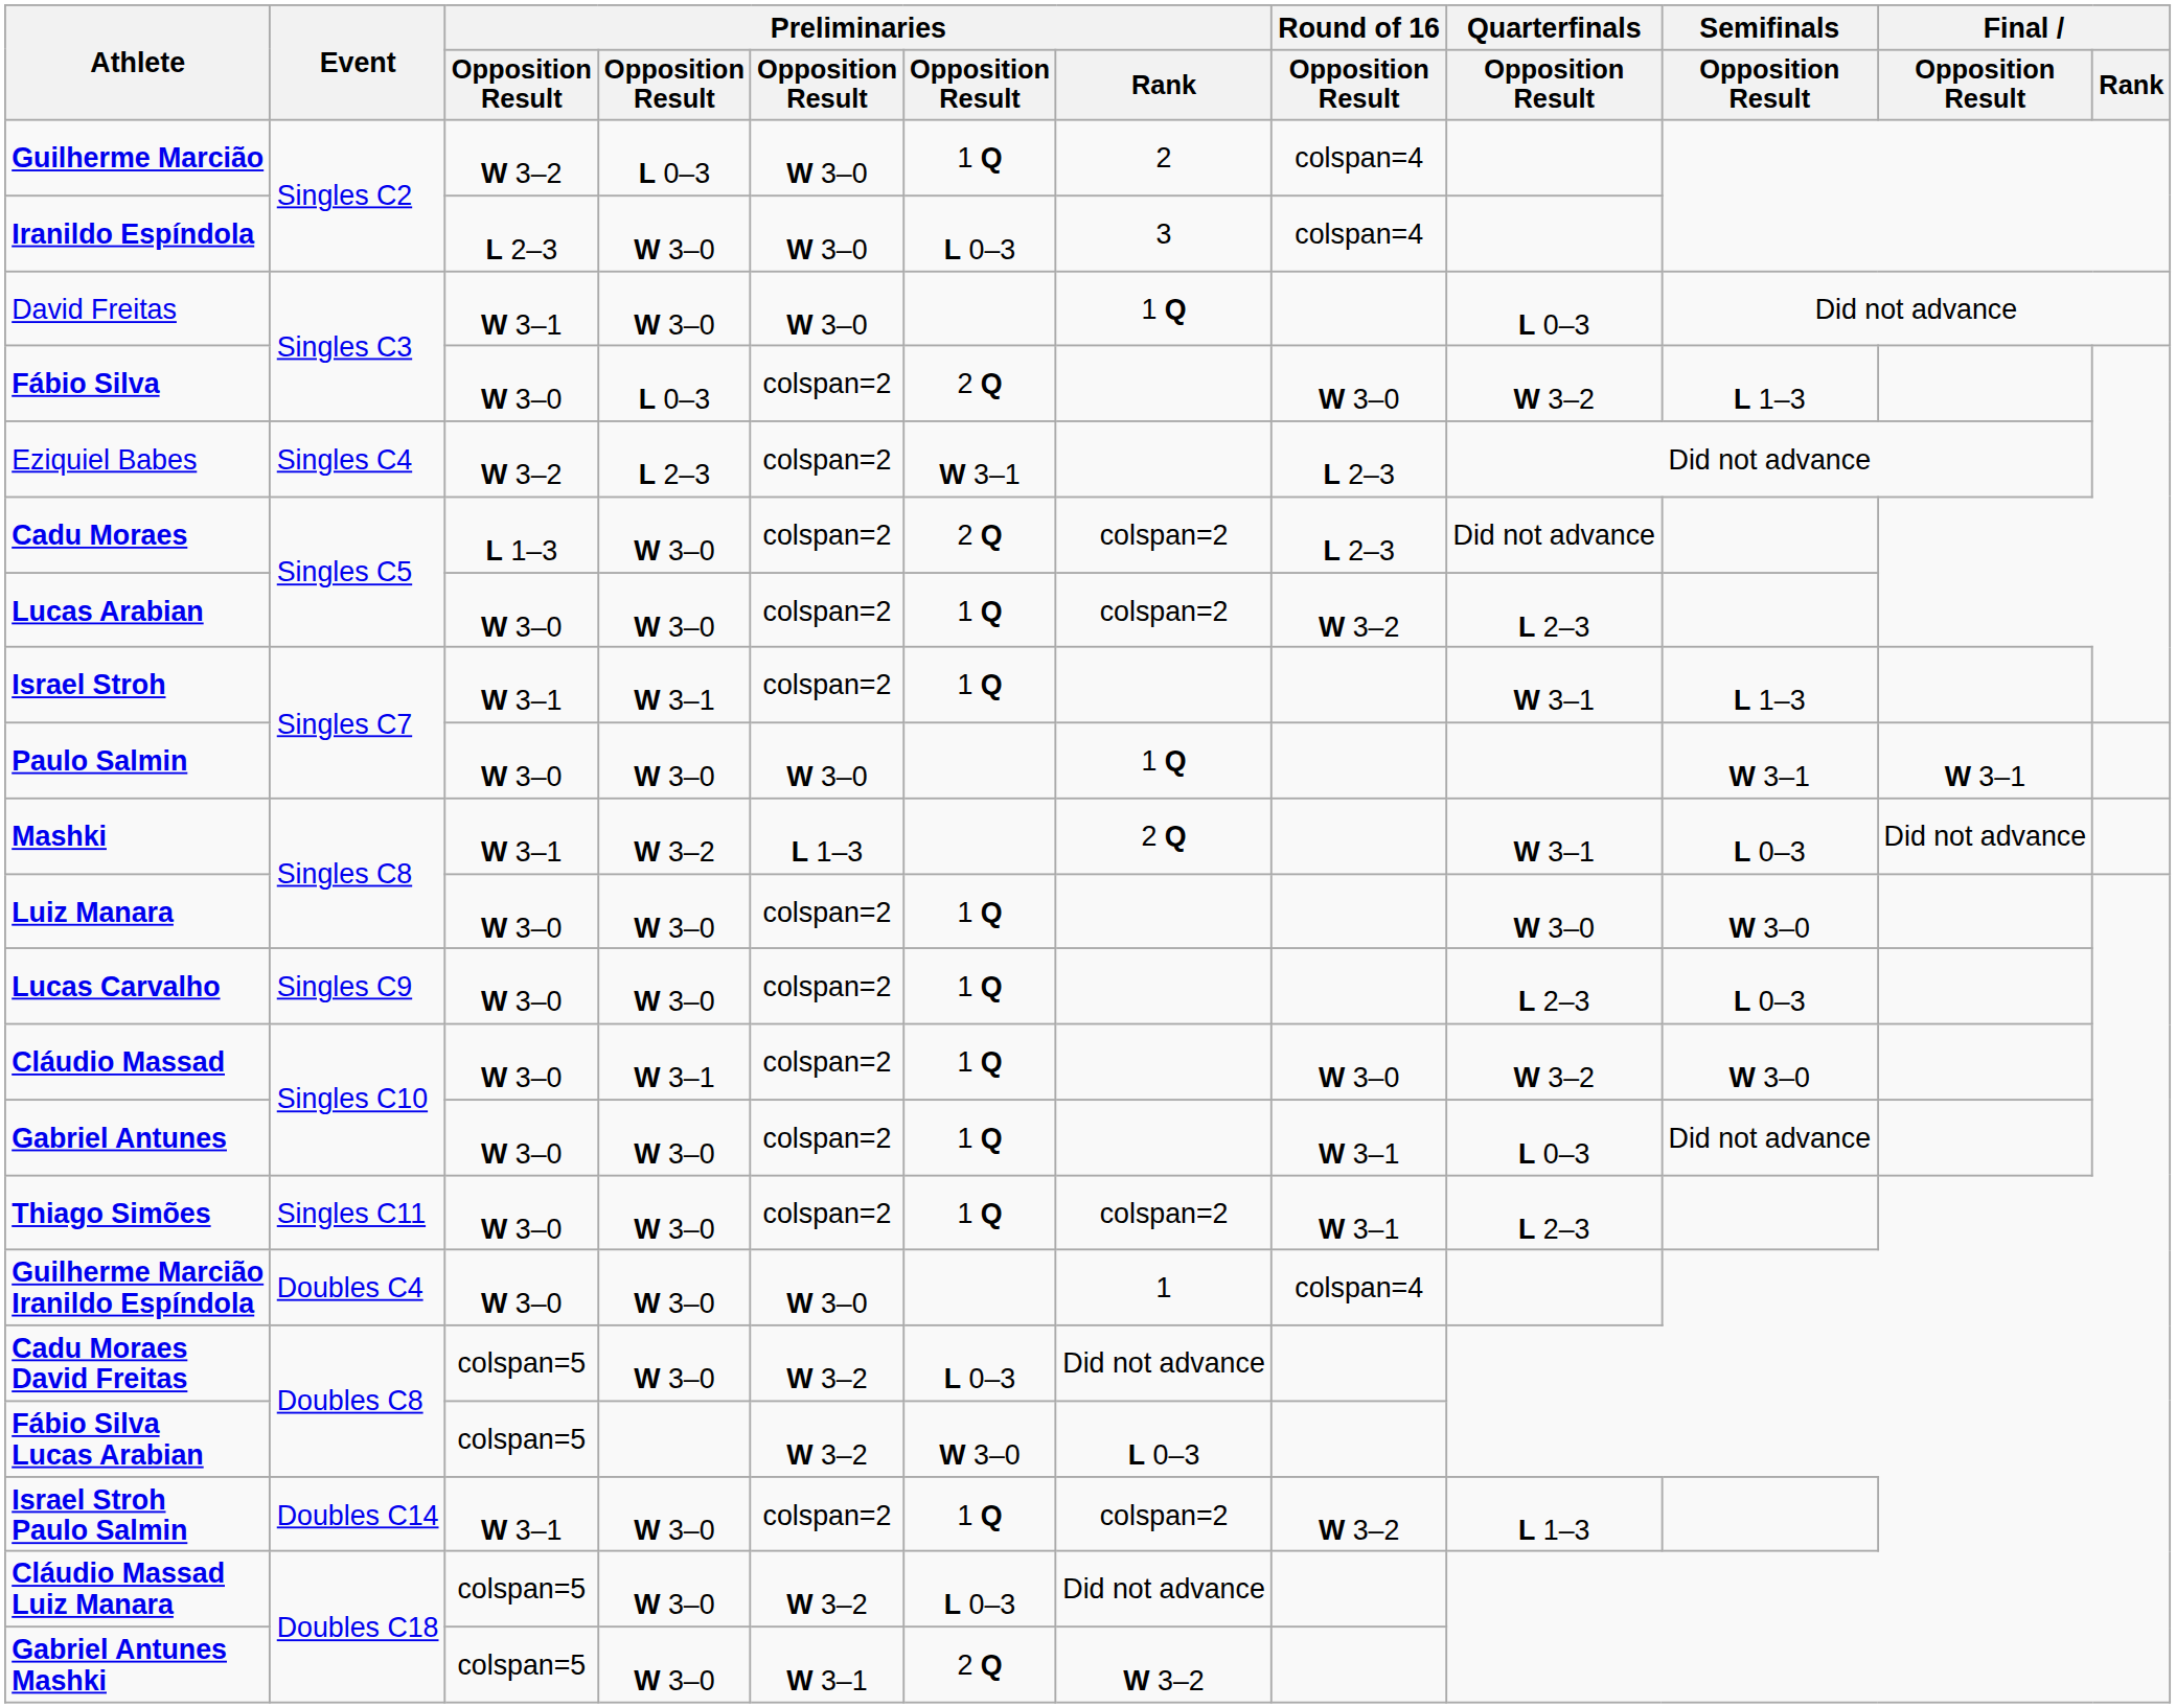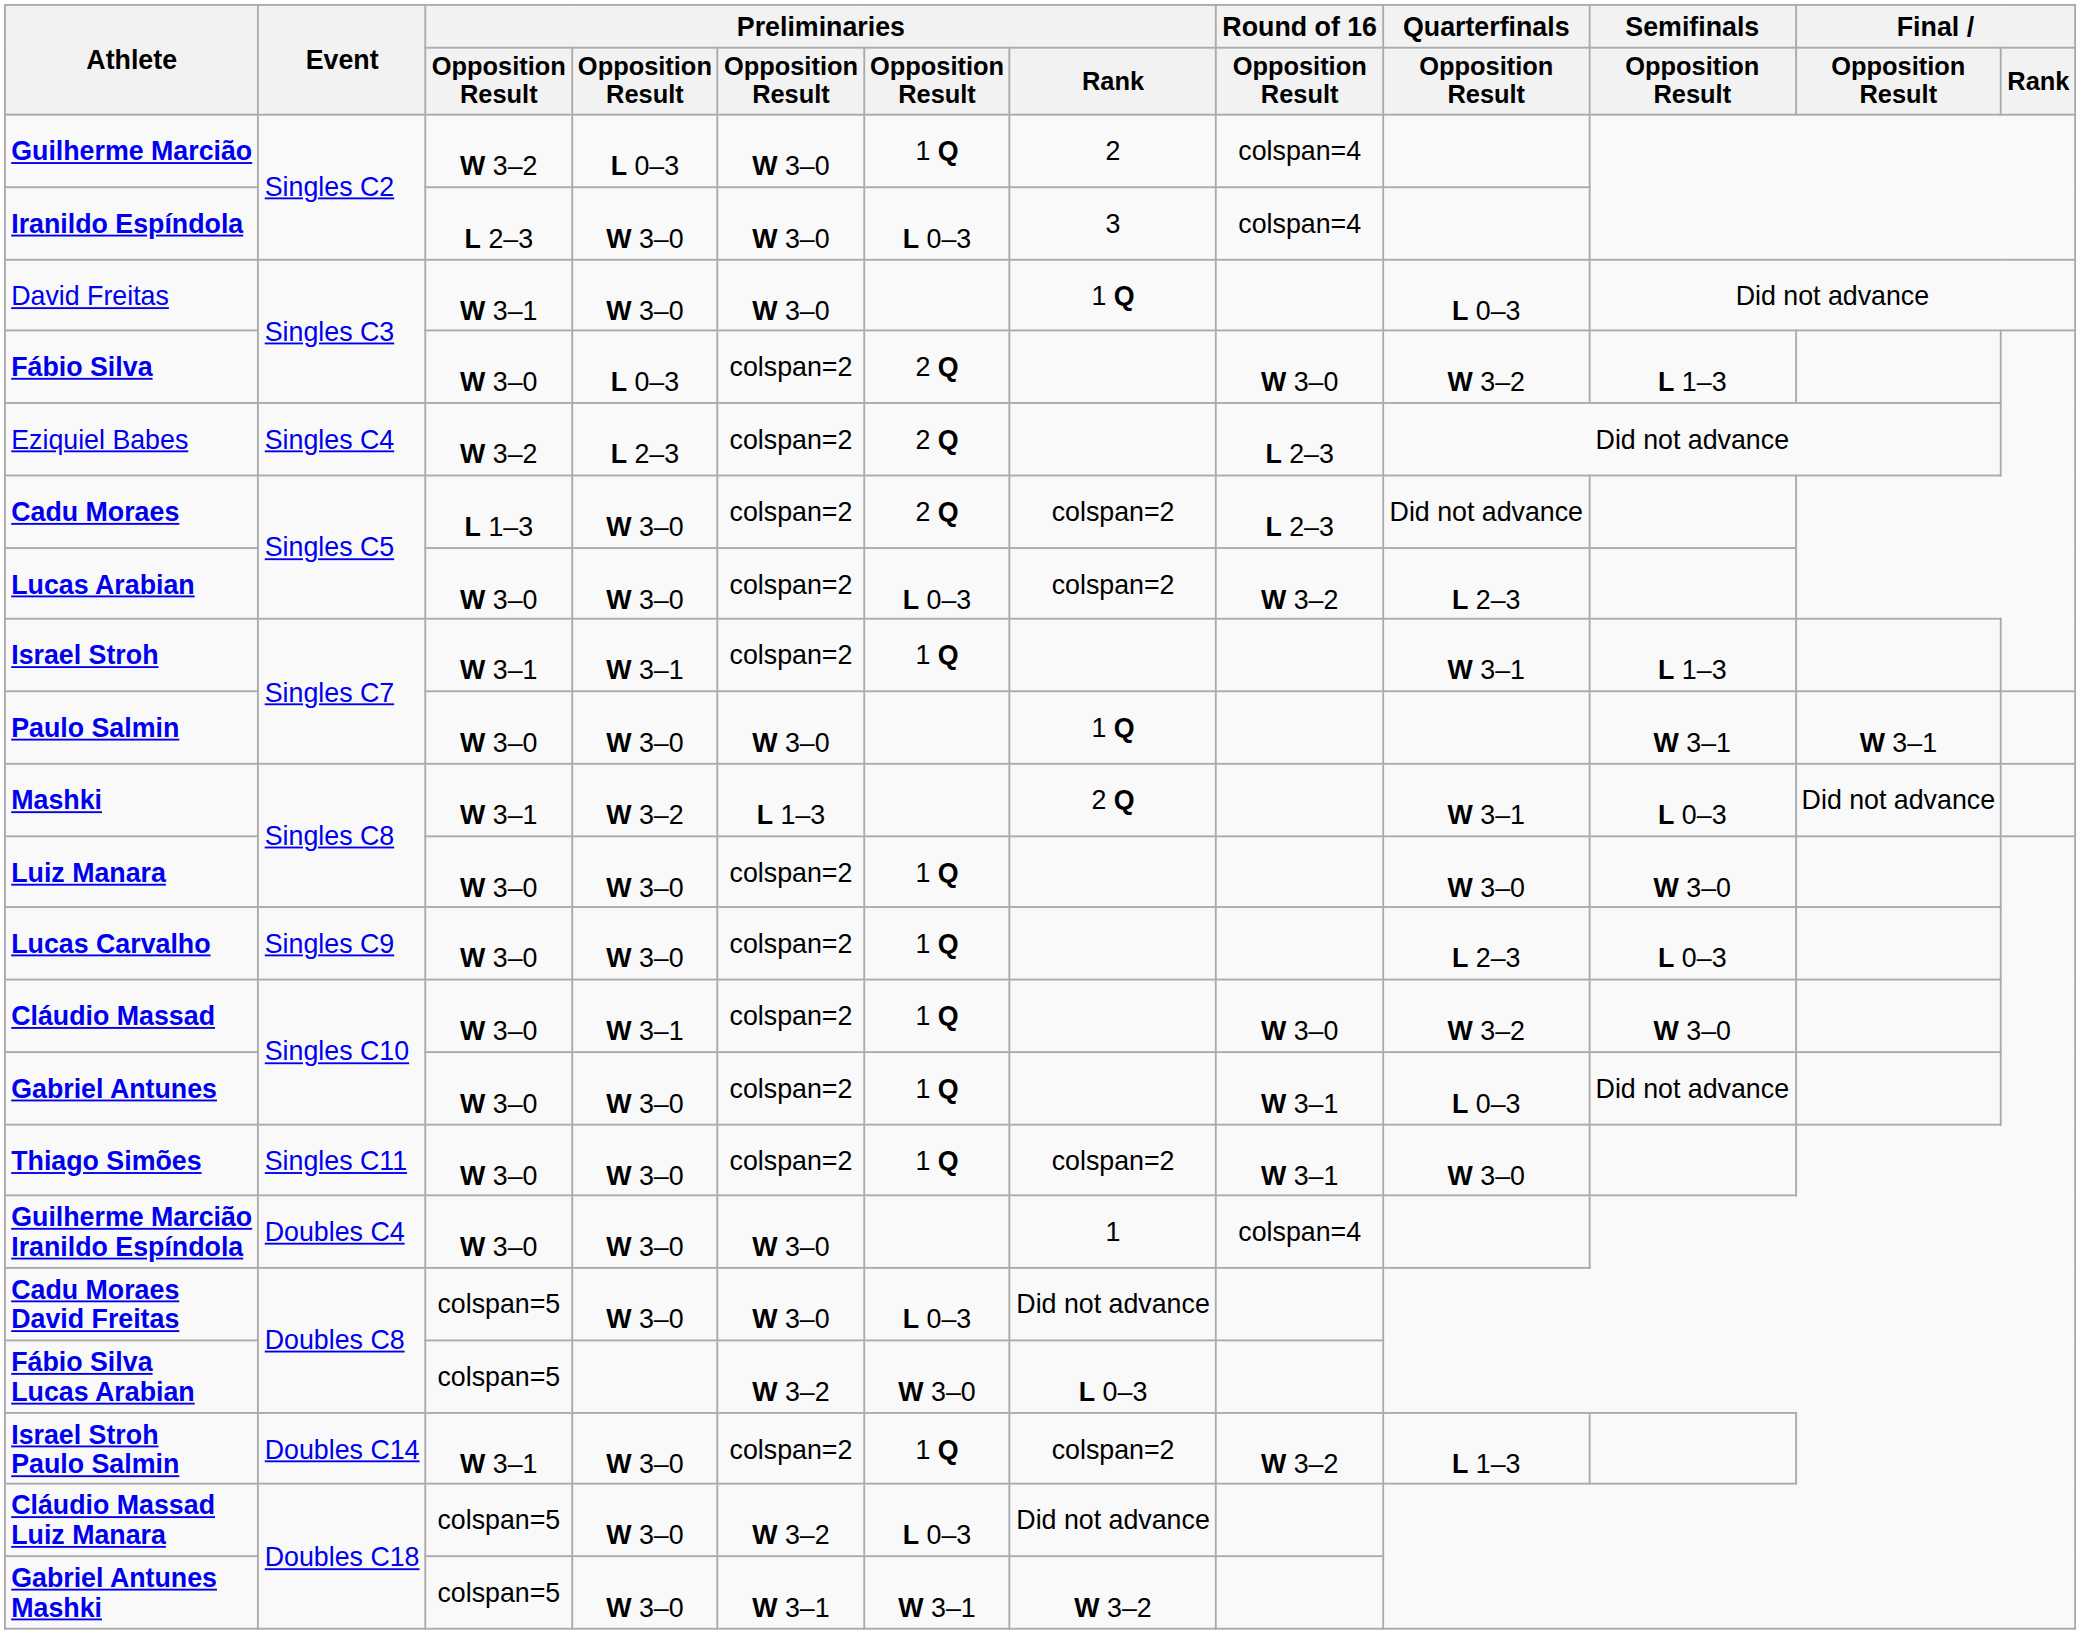 <table class=wikitable style="font-size:90%">
 <tr>
 <th rowspan="2">Athlete</th>
 <th rowspan="2">Event</th>
 <th colspan="5">Preliminaries</th>
 <th>Round of 16</th>
 <th>Quarterfinals</th>
 <th>Semifinals</th>
 <th colspan="2">Final / </th>
 </tr>
 <tr style="font-size:95%">
 <th>Opposition<br>Result</th>
 <th>Opposition<br>Result</th>
 <th>Opposition<br>Result</th>
 <th>Opposition<br>Result</th>
 <th>Rank</th>
 <th>Opposition<br>Result</th>
 <th>Opposition<br>Result</th>
 <th>Opposition<br>Result</th>
 <th>Opposition<br>Result</th>
 <th>Rank</th>
 </tr>
 <tr align=center>
 <td align=left><strong><a href='#'>Guilherme Marcião</a></strong></td>
 <td align=left rowspan=2><a href='#'>Singles C2</a></td>
 <td><br><strong>W</strong> 3–2</td>
 <td><br><strong>L</strong> 0–3</td>
 <td><br><strong>W</strong> 3–0</td>
 <td>1 <strong>Q</strong></td>
 <td>2</td>
 <td>colspan=4 </td>
 <td></td>
 </tr>
 <tr align=center>
 <td align=left><strong><a href='#'>Iranildo Espíndola</a></strong></td>
 <td><br><strong>L</strong> 2–3</td>
 <td><br><strong>W</strong> 3–0</td>
 <td><br><strong>W</strong> 3–0</td>
 <td><br><strong>L</strong> 0–3</td>
 <td>3</td>
 <td>colspan=4 </td>
 <td></td>
 </tr>
 <tr align=center>
 <td align=left><a href='#'>David Freitas</a></td>
 <td align=left rowspan=2><a href='#'>Singles C3</a></td>
 <td><br><strong>W</strong> 3–1</td>
 <td><br><strong>W</strong> 3–0</td>
 <td><br><strong>W</strong> 3–0</td>
 <td></td>
 <td>1 <strong>Q</strong></td>
 <td></td>
 <td><br><strong>L</strong> 0–3</td>
 <td colspan=3>Did not advance</td>
 </tr>
 <tr align=center>
 <td align=left><strong><a href='#'>Fábio Silva</a></strong></td>
 <td><br><strong>W</strong> 3–0</td>
 <td><br><strong>L</strong> 0–3</td>
 <td>colspan=2 </td>
 <td>2 <strong>Q</strong></td>
 <td></td>
 <td><br><strong>W</strong> 3–0</td>
 <td><br><strong>W</strong> 3–2</td>
 <td><br><strong>L</strong> 1–3</td>
 <td></td>
 </tr>
 <tr align=center>
 <td align=left><a href='#'>Eziquiel Babes</a></td>
 <td align=left><a href='#'>Singles C4</a></td>
 <td><br><strong>W</strong> 3–2</td>
 <td><br><strong>L</strong> 2–3</td>
 <td>colspan=2 </td>
-<td><br><strong>W</strong> 3–1</td>
+<td>2 <strong>Q</strong></td>
 <td></td>
 <td><br><strong>L</strong> 2–3</td>
 <td colspan=3>Did not advance</td>
 </tr>
 <tr align=center>
 <td align=left><strong><a href='#'>Cadu Moraes</a></strong></td>
 <td align=left rowspan=2><a href='#'>Singles C5</a></td>
 <td><br><strong>L</strong> 1–3</td>
 <td><br><strong>W</strong> 3–0</td>
 <td>colspan=2 </td>
 <td>2 <strong>Q</strong></td>
 <td>colspan=2 </td>
 <td><br><strong>L</strong> 2–3</td>
 <td>Did not advance</td>
 <td></td>
 </tr>
 <tr align=center>
 <td align=left><strong><a href='#'>Lucas Arabian</a></strong></td>
 <td><br><strong>W</strong> 3–0</td>
 <td><br><strong>W</strong> 3–0</td>
 <td>colspan=2 </td>
-<td>1 <strong>Q</strong></td>
+<td><br><strong>L</strong> 0–3</td>
 <td>colspan=2 </td>
 <td><br><strong>W</strong> 3–2</td>
 <td><br><strong>L</strong> 2–3</td>
 <td></td>
 </tr>
 <tr align=center>
 <td align=left><strong><a href='#'>Israel Stroh</a></strong></td>
 <td align=left rowspan=2><a href='#'>Singles C7</a></td>
 <td><br><strong>W</strong> 3–1</td>
 <td><br><strong>W</strong> 3–1</td>
 <td>colspan=2 </td>
 <td>1 <strong>Q</strong></td>
 <td></td>
 <td></td>
 <td><br><strong>W</strong> 3–1</td>
 <td><br><strong>L</strong> 1–3</td>
 <td></td>
 </tr>
 <tr align=center>
 <td align=left><strong><a href='#'>Paulo Salmin</a></strong></td>
 <td><br><strong>W</strong> 3–0</td>
 <td><br><strong>W</strong> 3–0</td>
 <td><br><strong>W</strong> 3–0</td>
 <td></td>
 <td>1 <strong>Q</strong></td>
 <td></td>
 <td></td>
 <td><br><strong>W</strong> 3–1</td>
 <td><br><strong>W</strong> 3–1</td>
 <td></td>
 </tr>
 <tr align=center>
 <td align=left><strong><a href='#'> Mashki</a></strong></td>
 <td align=left rowspan=2><a href='#'>Singles C8</a></td>
 <td><br><strong>W</strong> 3–1</td>
 <td><br><strong>W</strong> 3–2</td>
 <td><br><strong>L</strong> 1–3</td>
 <td></td>
 <td>2 <strong>Q</strong></td>
 <td></td>
 <td><br><strong>W</strong> 3–1</td>
 <td><br><strong>L</strong> 0–3</td>
 <td>Did not advance</td>
 <td></td>
 </tr>
 <tr align=center>
 <td align=left><strong><a href='#'>Luiz Manara</a></strong></td>
 <td><br><strong>W</strong> 3–0</td>
 <td><br><strong>W</strong> 3–0</td>
 <td>colspan=2 </td>
 <td>1 <strong>Q</strong></td>
 <td></td>
 <td></td>
 <td><br><strong>W</strong> 3–0</td>
 <td><br><strong>W</strong> 3–0</td>
 <td></td>
 </tr>
 <tr align=center>
 <td align=left><strong><a href='#'>Lucas Carvalho</a></strong></td>
 <td align=left><a href='#'>Singles C9</a></td>
 <td><br><strong>W</strong> 3–0</td>
 <td><br><strong>W</strong> 3–0</td>
 <td>colspan=2 </td>
 <td>1 <strong>Q</strong></td>
 <td></td>
 <td></td>
 <td><br><strong>L</strong> 2–3</td>
 <td><br><strong>L</strong> 0–3</td>
 <td></td>
 </tr>
 <tr align=center>
 <td align=left><strong><a href='#'>Cláudio Massad</a></strong></td>
 <td align=left rowspan=2><a href='#'>Singles C10</a></td>
 <td><br><strong>W</strong> 3–0</td>
 <td><br><strong>W</strong> 3–1</td>
 <td>colspan=2 </td>
 <td>1 <strong>Q</strong></td>
 <td></td>
 <td><br><strong>W</strong> 3–0</td>
 <td><br><strong>W</strong> 3–2</td>
 <td><br><strong>W</strong> 3–0</td>
 <td></td>
 </tr>
 <tr align=center>
 <td align=left><strong><a href='#'>Gabriel Antunes</a></strong></td>
 <td><br><strong>W</strong> 3–0</td>
 <td><br><strong>W</strong> 3–0</td>
 <td>colspan=2 </td>
 <td>1 <strong>Q</strong></td>
 <td></td>
 <td><br><strong>W</strong> 3–1</td>
 <td><br><strong>L</strong> 0–3</td>
 <td>Did not advance</td>
 <td></td>
 </tr>
 <tr align=center>
 <td align=left><strong><a href='#'>Thiago Simões</a></strong></td>
 <td align=left><a href='#'>Singles C11</a></td>
 <td><br><strong>W</strong> 3–0</td>
 <td><br><strong>W</strong> 3–0</td>
 <td>colspan=2 </td>
 <td>1 <strong>Q</strong></td>
 <td>colspan=2 </td>
 <td><br><strong>W</strong> 3–1</td>
-<td><br><strong>L</strong> 2–3</td>
+<td><br><strong>W</strong> 3–0</td>
 <td></td>
 </tr>
 <tr align=center>
 <td align=left><strong><a href='#'>Guilherme Marcião</a><br><a href='#'>Iranildo Espíndola</a></strong></td>
 <td align=left><a href='#'>Doubles C4</a></td>
 <td><br><strong>W</strong> 3–0</td>
 <td><br><strong>W</strong> 3–0</td>
 <td><br><strong>W</strong> 3–0</td>
 <td></td>
 <td>1</td>
 <td>colspan=4 </td>
 <td></td>
 </tr>
 <tr align=center>
 <td align=left><strong><a href='#'>Cadu Moraes</a><br><a href='#'>David Freitas</a></strong></td>
 <td align=left rowspan=2><a href='#'>Doubles C8</a></td>
 <td>colspan=5 </td>
 <td><br><strong>W</strong> 3–0</td>
-<td><br><strong>W</strong> 3–2</td>
+<td><br><strong>W</strong> 3–0</td>
 <td><br><strong>L</strong> 0–3</td>
 <td>Did not advance</td>
 <td></td>
 </tr>
 <tr align=center>
 <td align=left><strong><a href='#'>Fábio Silva</a><br><a href='#'>Lucas Arabian</a></strong></td>
 <td>colspan=5 </td>
 <td></td>
 <td><br><strong>W</strong> 3–2</td>
 <td><br><strong>W</strong> 3–0</td>
 <td><br><strong>L</strong> 0–3</td>
 <td></td>
 </tr>
 <tr align=center>
 <td align=left><strong><a href='#'>Israel Stroh</a><br><a href='#'>Paulo Salmin</a></strong></td>
 <td align=left><a href='#'>Doubles C14</a></td>
 <td><br><strong>W</strong> 3–1</td>
 <td><br><strong>W</strong> 3–0</td>
 <td>colspan=2 </td>
 <td>1 <strong>Q</strong></td>
 <td>colspan=2 </td>
 <td><br><strong>W</strong> 3–2</td>
 <td><br><strong>L</strong> 1–3</td>
 <td></td>
 </tr>
 <tr align=center>
 <td align=left><strong><a href='#'>Cláudio Massad</a><br><a href='#'>Luiz Manara</a></strong></td>
 <td align=left rowspan=2><a href='#'>Doubles C18</a></td>
 <td>colspan=5 </td>
 <td><br><strong>W</strong> 3–0</td>
 <td><br><strong>W</strong> 3–2</td>
 <td><br><strong>L</strong> 0–3</td>
 <td>Did not advance</td>
 <td></td>
 </tr>
 <tr align=center>
 <td align=left><strong><a href='#'>Gabriel Antunes</a><br><a href='#'> Mashki</a></strong></td>
 <td>colspan=5 </td>
 <td><br><strong>W</strong> 3–0</td>
 <td><br><strong>W</strong> 3–1</td>
-<td>2 <strong>Q</strong></td>
+<td><br><strong>W</strong> 3–1</td>
 <td><br><strong>W</strong> 3–2</td>
 <td></td>
 </tr>
 </table>
